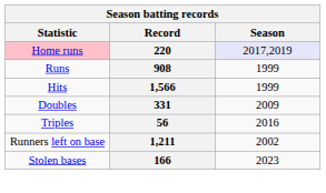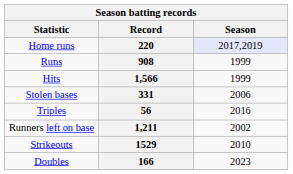 <table class="wikitable" style="text-align:center" width="70%">
 <tr>
 <th colspan=3>Season batting records</th>
 </tr>
 <tr>
 <th scope="col" width=20%>Statistic</th>
 <th scope="col" class="unsortable" width=20%>Record</th>
 <th scope="col" width=20%>Season</th>
 </tr>
 <tr>
-<td style="background: pink;"><a href='#'>Home runs</a></td>
+<td><a href='#'>Home runs</a></td>
 <th scope="row">220</th>
 <td style="background: lavender;">2017,2019</td>
 </tr>
 <tr>
 <td><a href='#'>Runs</a></td>
 <th scope="row">908</th>
 <td>1999</td>
 </tr>
 <tr>
 <td><a href='#'>Hits</a></td>
 <th scope="row">1,566</th>
 <td>1999</td>
 </tr>
 <tr>
-<td><a href='#'>Doubles</a></td>
+<td><a href='#'>Stolen bases</a></td>
 <th scope="row">331</th>
-<td>2009</td>
+<td>2006</td>
 </tr>
 <tr>
 <td><a href='#'>Triples</a></td>
 <th scope="row">56</th>
 <td>2016</td>
 </tr>
 <tr>
 <td>Runners <a href='#'>left on base</a></td>
 <th scope="row">1,211</th>
 <td>2002</td>
 </tr>
 <tr>
-<td><a href='#'>Stolen bases</a></td>
+<td><a href='#'>Strikeouts</a></td>
+<th scope="row">1529</th>
+<td>2010</td>
+</tr>
+<tr>
+<td><a href='#'>Doubles</a></td>
 <th scope="row">166</th>
 <td>2023</td>
 </tr>
 </table>
